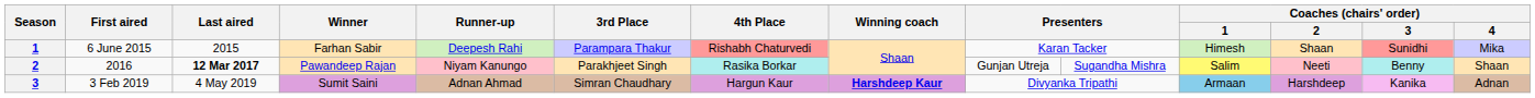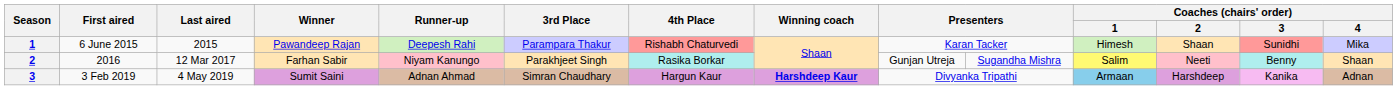 <table class="wikitable" style="text-align:center; font-size:95%; line-height:16px;" width="100%">
 <tr>
 <th width="4%" rowspan="2" scope="col">Season</th>
 <th width="7%" rowspan="2" scope="col">First aired</th>
 <th width="7%" rowspan="2" scope="col">Last aired</th>
 <th rowspan="2" scope="col" width="9%">Winner</th>
 <th rowspan="2" scope="col" width="9%">Runner-up</th>
 <th rowspan="2" scope="col" width="9%">3rd Place</th>
 <th rowspan="2" scope="col" width="9%">4th Place</th>
 <th rowspan="2" scope="col" width="9%">Winning coach</th>
 <th rowspan="2" colspan="2" scope="col" width="14%">Presenters</th>
 <th colspan="4" scope="col" width="20%">Coaches (chairs' order)</th>
 </tr>
 <tr>
 <th width="06%">1</th>
 <th width="06%">2</th>
 <th width="06%">3</th>
 <th width="06%">4</th>
 </tr>
 <tr>
 <th scope="row"><a href='#'>1</a></th>
 <td>6 June 2015</td>
 <td> 2015</td>
-<td style="background:#FFE5B4;">Farhan Sabir</td>
+<td style="background:#FFE5B4;"><a href='#'>Pawandeep Rajan</a></td>
 <td style="background:#d0f0c0;"><a href='#'>Deepesh Rahi</a></td>
 <td style="background:#ccccff;"><a href='#'>Parampara Thakur</a></td>
 <td style="background:#ff9999;">Rishabh Chaturvedi</td>
 <td rowspan="2" style="background:#FFE5B4;"><a href='#'>Shaan</a></td>
 <td colspan="2"><a href='#'>Karan Tacker</a></td>
 <td style="background:#d0f0c0">Himesh</td>
 <td style="background:#FFE5B4">Shaan</td>
 <td style="background:#ff9999">Sunidhi</td>
 <td style="background:#ccccff">Mika</td>
 </tr>
 <tr>
 <th scope="row"><a href='#'>2</a></th>
 <td> 2016</td>
-<td><strong>12 Mar 2017</strong></td>
-<td style="background:#FFE5B4;"><a href='#'>Pawandeep Rajan</a></td>
+<td>12 Mar 2017</td>
+<td style="background:#FFE5B4;">Farhan Sabir</td>
 <td style="background:#FFC0CB;">Niyam Kanungo</td>
 <td style="background:#FFE5B4;">Parakhjeet Singh</td>
 <td style="background:#afeeee;">Rasika Borkar</td>
 <td>Gunjan Utreja</td>
 <td><a href='#'>Sugandha Mishra</a></td>
 <td style="background:#fffa73">Salim</td>
 <td style="background:#FFC0CB">Neeti</td>
 <td style="background:#afeeee">Benny</td>
 <td style="background:#FFE5B4">Shaan</td>
 </tr>
 <tr>
 <th scope="row"><a href='#'>3</a></th>
 <td>3 Feb 2019</td>
 <td>4 May 2019</td>
 <td style="background:#dda0dd;">Sumit Saini</td>
 <td style="background:#dbbba4;">Adnan Ahmad</td>
 <td style="background:#dbbba4;">Simran Chaudhary</td>
 <td style="background:#dda0dd;">Hargun Kaur</td>
 <td style="background:#dda0dd"><strong><a href='#'>Harshdeep Kaur</a></strong></td>
 <td colspan="2"><a href='#'>Divyanka Tripathi</a></td>
 <td style="background:#87ceeb">Armaan</td>
 <td style="background:#dda0dd">Harshdeep</td>
 <td style="background:#f7bbf2">Kanika</td>
 <td style="background:#dbbba4">Adnan</td>
 </tr>
 </table>
